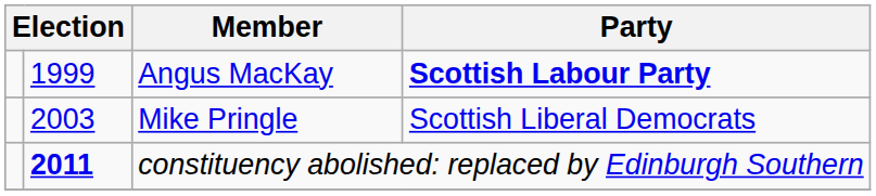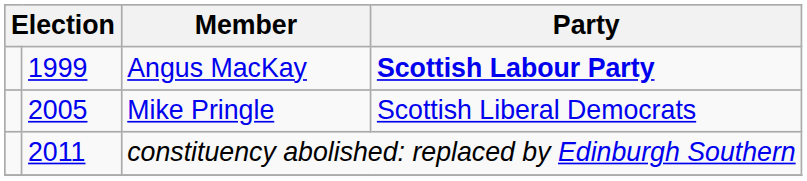 <table class="wikitable">
 <tr>
 <th colspan="2">Election</th>
 <th>Member</th>
 <th>Party</th>
 </tr>
 <tr>
 <td style="background-color: "></td>
 <td><a href='#'>1999</a></td>
 <td><a href='#'>Angus MacKay</a></td>
 <td><strong><a href='#'>Scottish Labour Party</a></strong></td>
 </tr>
 <tr>
 <td style="background-color: "></td>
-<td><a href='#'>2003</a></td>
+<td><a href='#'>2005</a></td>
 <td><a href='#'>Mike Pringle</a></td>
 <td><a href='#'>Scottish Liberal Democrats</a></td>
 </tr>
 <tr>
 <td style="background-color:"></td>
-<td><strong><a href='#'>2011</a></strong></td>
+<td><a href='#'>2011</a></td>
 <td colspan="3"><em>constituency abolished: replaced by <a href='#'>Edinburgh Southern</a></em></td>
 </tr>
 <tr>
 </tr>
 </table>
